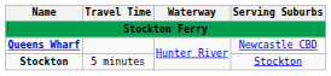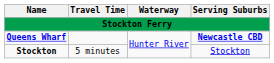 <table class="wikitable" style="font-size:95%; text-align:center; margin-left: auto; margin-right: auto;">
 <tr>
 <th>Name</th>
 <th>Travel Time</th>
 <th>Waterway</th>
 <th>Serving Suburbs</th>
 </tr>
 <tr>
 <th style="background:#009e4d" colspan="7"><span>Stockton Ferry</span></th>
 </tr>
 <tr>
 <td><strong><a href='#'>Queens Wharf</a></strong></td>
 <td></td>
 <td rowspan="2"><a href='#'>Hunter River</a></td>
-<td><a href='#'>Newcastle CBD</a></td>
+<td><strong><a href='#'>Newcastle CBD</a></strong></td>
 </tr>
 <tr>
 <td><strong>Stockton</strong></td>
 <td>5 minutes</td>
 <td><a href='#'>Stockton</a></td>
 </tr>
 </table>
